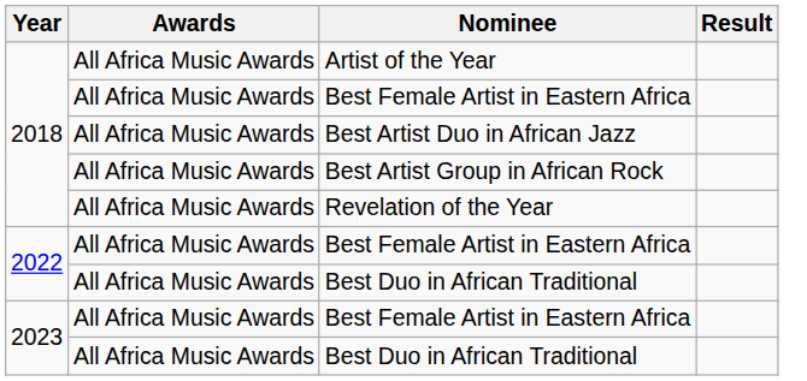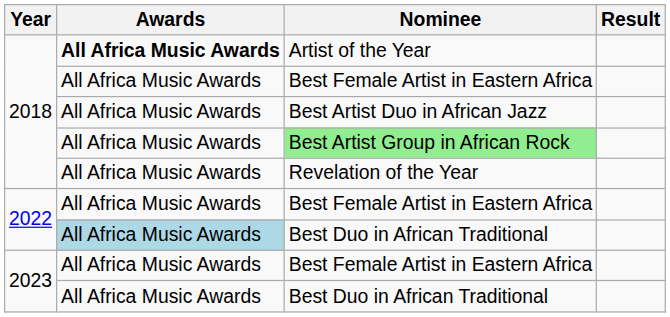 <table class="wikitable">
 <tr>
 <th>Year</th>
 <th>Awards</th>
 <th>Nominee</th>
 <th>Result</th>
 </tr>
 <tr>
 <td rowspan="5">2018</td>
-<td>All Africa Music Awards</td>
+<td><strong>All Africa Music Awards</strong></td>
 <td>Artist of the Year</td>
 <td></td>
 </tr>
 <tr>
 <td>All Africa Music Awards</td>
 <td>Best Female Artist in Eastern Africa</td>
 <td></td>
 </tr>
 <tr>
 <td>All Africa Music Awards</td>
 <td>Best Artist Duo in African Jazz</td>
 <td></td>
 </tr>
 <tr>
 <td>All Africa Music Awards</td>
-<td>Best Artist Group in African Rock</td>
+<td style="background: lightgreen;">Best Artist Group in African Rock</td>
 <td></td>
 </tr>
 <tr>
 <td>All Africa Music Awards</td>
 <td>Revelation of the Year</td>
 <td></td>
 </tr>
 <tr>
 <td rowspan="2"><a href='#'>2022</a></td>
 <td>All Africa Music Awards</td>
 <td>Best Female Artist in Eastern Africa</td>
 <td></td>
 </tr>
 <tr>
-<td>All Africa Music Awards</td>
+<td style="background: lightblue;">All Africa Music Awards</td>
 <td>Best Duo in African Traditional</td>
 <td></td>
 </tr>
 <tr>
 <td rowspan="2">2023</td>
 <td>All Africa Music Awards</td>
 <td>Best Female Artist in Eastern Africa</td>
 <td></td>
 </tr>
 <tr>
 <td>All Africa Music Awards</td>
 <td>Best Duo in African Traditional</td>
 <td></td>
 </tr>
 </table>
